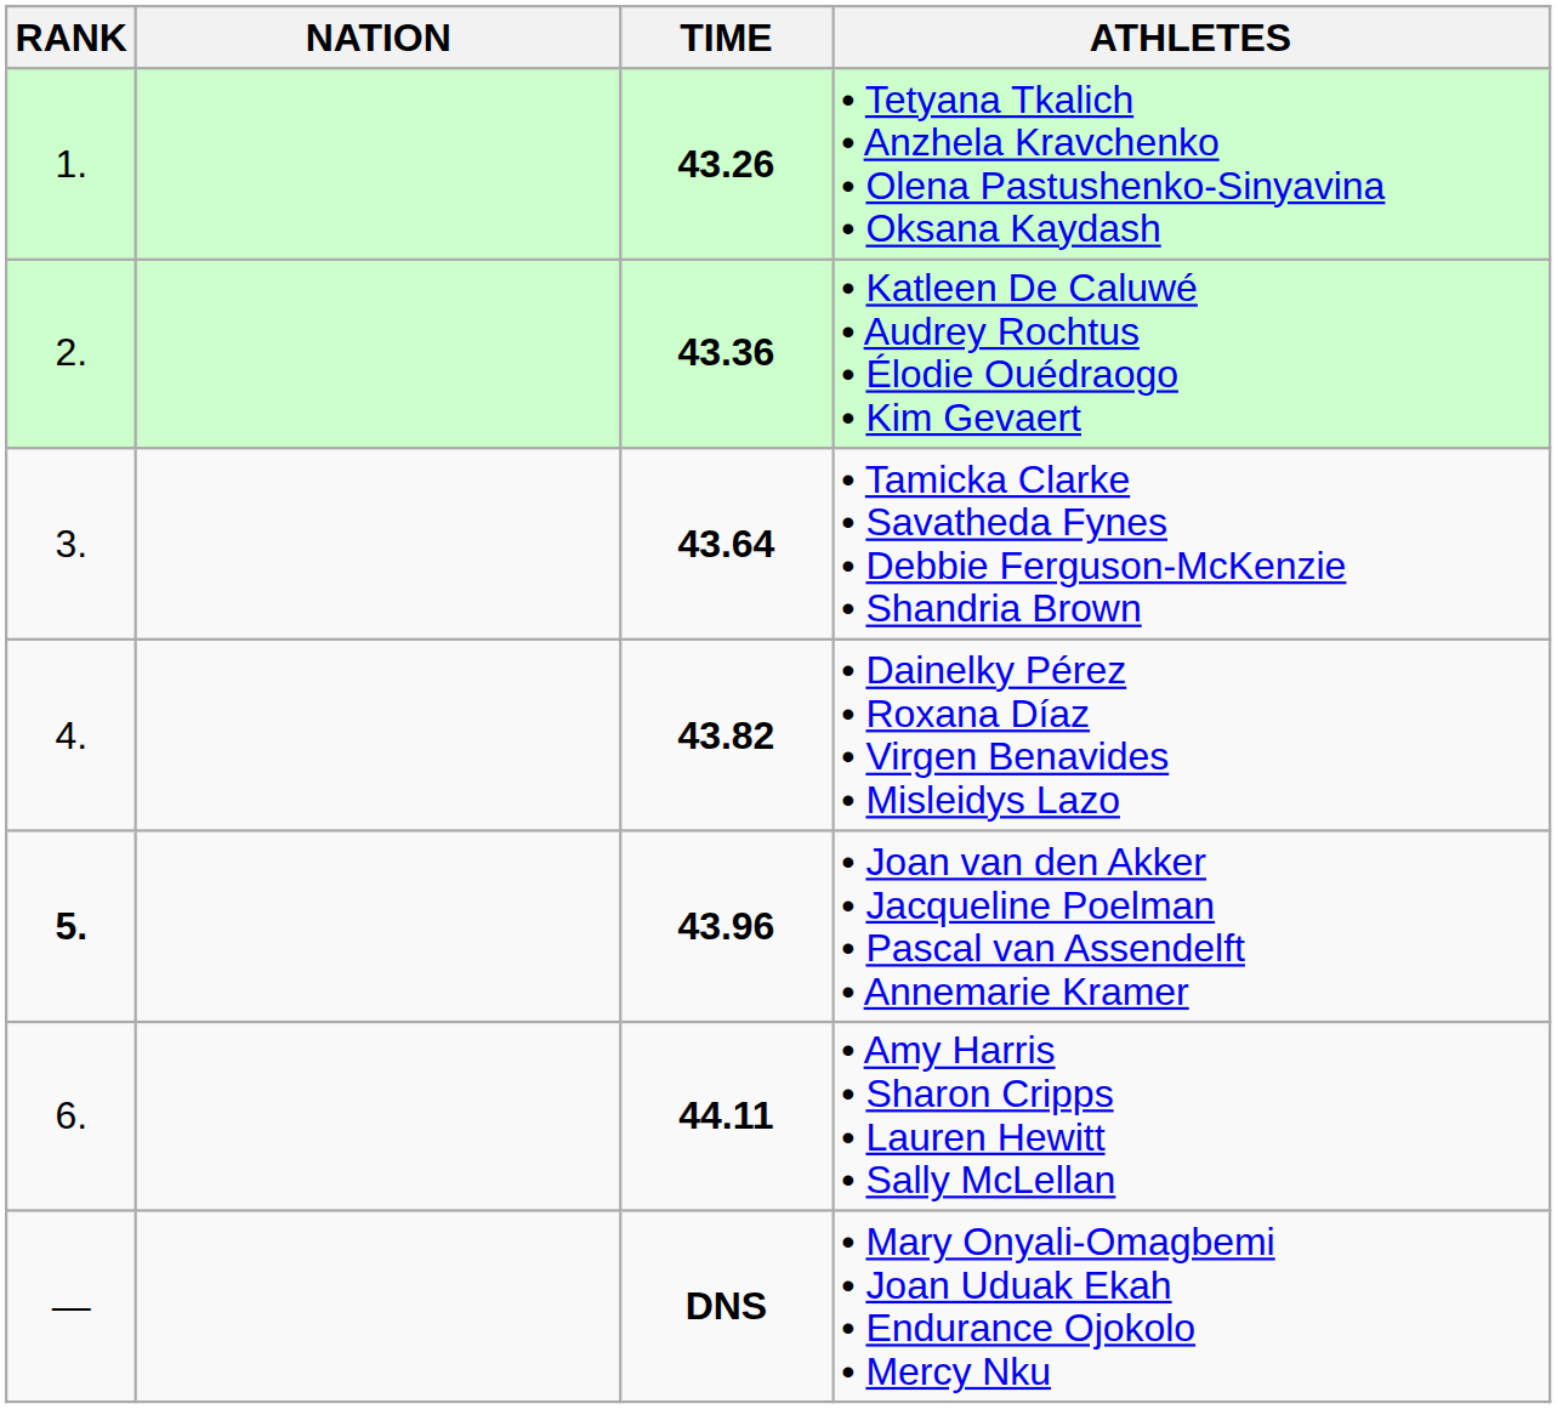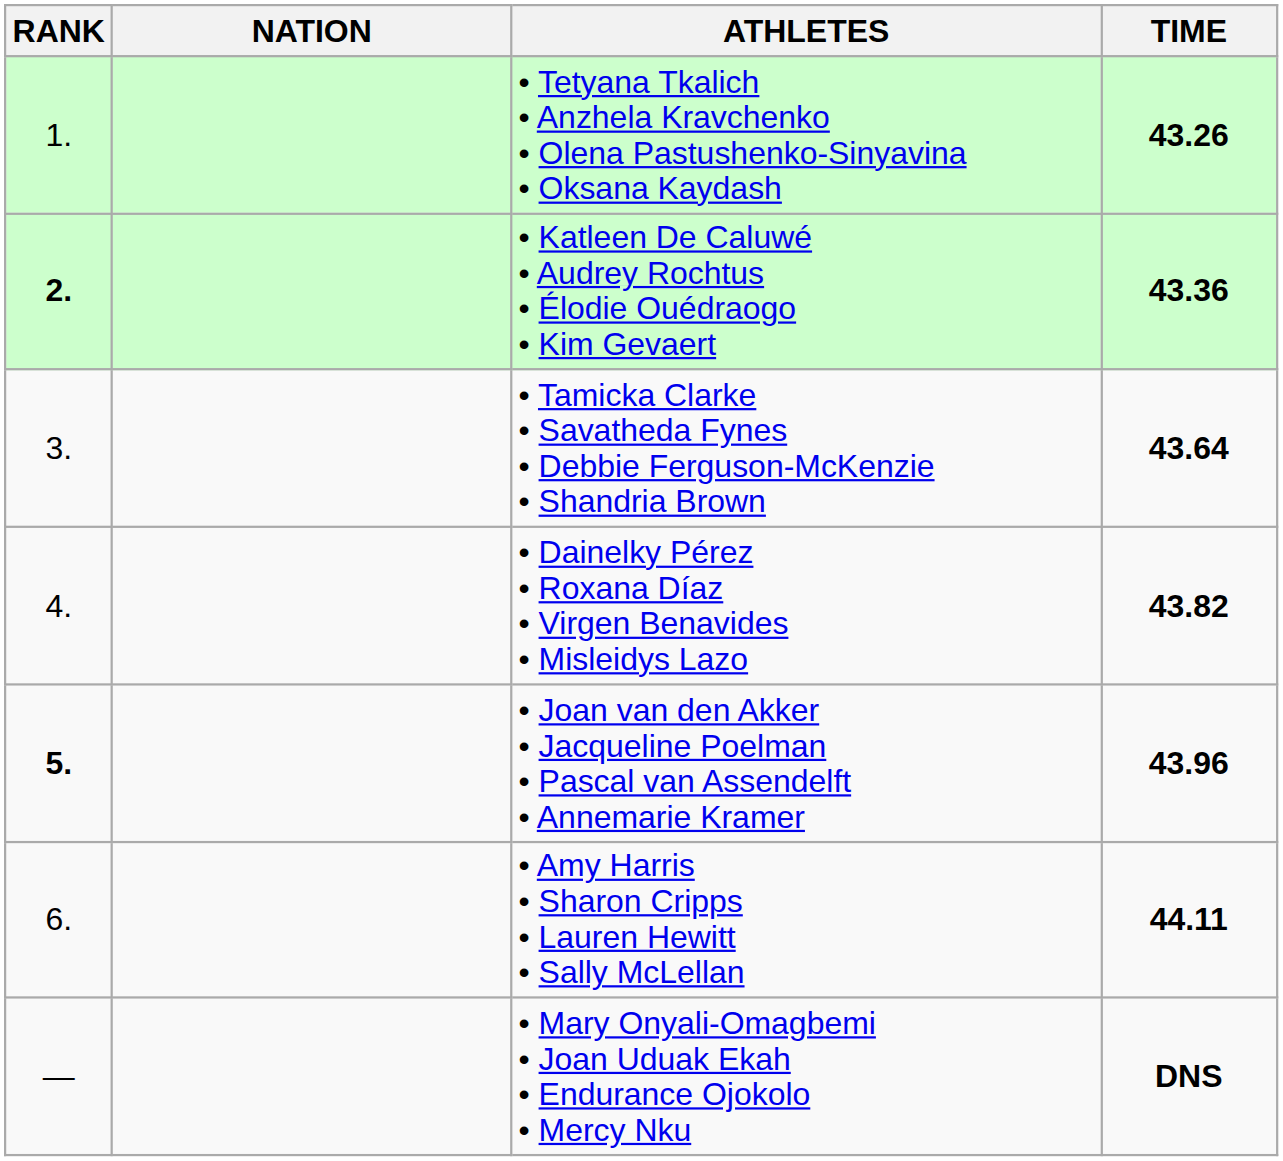 <table class="wikitable" style="border-collapse: collapse; font-size: 90%;">
 <tr>
 <th>RANK</th>
 <th style="width: 12em">NATION</th>
+<th style="width: 18em">ATHLETES</th>
 <th style="width: 5em">TIME</th>
-<th style="width: 18em">ATHLETES</th>
 </tr>
 <tr style="background:#ccffcc;">
 <td align="center">1.</td>
 <td align="center"></td>
+<td>• <a href='#'>Tetyana Tkalich</a><br>• <a href='#'>Anzhela Kravchenko</a><br>• <a href='#'>Olena Pastushenko-Sinyavina</a><br>• <a href='#'>Oksana Kaydash</a></td>
 <td align="center"><strong>43.26</strong></td>
-<td>• <a href='#'>Tetyana Tkalich</a><br>• <a href='#'>Anzhela Kravchenko</a><br>• <a href='#'>Olena Pastushenko-Sinyavina</a><br>• <a href='#'>Oksana Kaydash</a></td>
 </tr>
 <tr style="background:#ccffcc;">
-<td align="center">2.</td>
+<td align="center"><strong>2.</strong></td>
 <td align="center"></td>
+<td>• <a href='#'>Katleen De Caluwé</a><br>• <a href='#'>Audrey Rochtus</a><br>• <a href='#'>Élodie Ouédraogo</a><br>• <a href='#'>Kim Gevaert</a></td>
 <td align="center"><strong>43.36</strong></td>
-<td>• <a href='#'>Katleen De Caluwé</a><br>• <a href='#'>Audrey Rochtus</a><br>• <a href='#'>Élodie Ouédraogo</a><br>• <a href='#'>Kim Gevaert</a></td>
 </tr>
 <tr>
 <td align="center">3.</td>
 <td align="center"></td>
+<td>• <a href='#'>Tamicka Clarke</a><br>• <a href='#'>Savatheda Fynes</a><br>• <a href='#'>Debbie Ferguson-McKenzie</a><br>• <a href='#'>Shandria Brown</a></td>
 <td align="center"><strong>43.64</strong></td>
-<td>• <a href='#'>Tamicka Clarke</a><br>• <a href='#'>Savatheda Fynes</a><br>• <a href='#'>Debbie Ferguson-McKenzie</a><br>• <a href='#'>Shandria Brown</a></td>
 </tr>
 <tr>
 <td align="center">4.</td>
 <td align="center"></td>
+<td>• <a href='#'>Dainelky Pérez</a><br>• <a href='#'>Roxana Díaz</a><br>• <a href='#'>Virgen Benavides</a><br>• <a href='#'>Misleidys Lazo</a></td>
 <td align="center"><strong>43.82</strong></td>
-<td>• <a href='#'>Dainelky Pérez</a><br>• <a href='#'>Roxana Díaz</a><br>• <a href='#'>Virgen Benavides</a><br>• <a href='#'>Misleidys Lazo</a></td>
 </tr>
 <tr>
 <td align="center"><strong>5.</strong></td>
 <td align="center"></td>
+<td>• <a href='#'>Joan van den Akker</a><br>• <a href='#'>Jacqueline Poelman</a><br>• <a href='#'>Pascal van Assendelft</a><br>• <a href='#'>Annemarie Kramer</a></td>
 <td align="center"><strong>43.96</strong></td>
-<td>• <a href='#'>Joan van den Akker</a><br>• <a href='#'>Jacqueline Poelman</a><br>• <a href='#'>Pascal van Assendelft</a><br>• <a href='#'>Annemarie Kramer</a></td>
 </tr>
 <tr>
 <td align="center">6.</td>
 <td align="center"></td>
+<td>• <a href='#'>Amy Harris</a><br>• <a href='#'>Sharon Cripps</a><br>• <a href='#'>Lauren Hewitt</a><br>• <a href='#'>Sally McLellan</a></td>
 <td align="center"><strong>44.11</strong></td>
-<td>• <a href='#'>Amy Harris</a><br>• <a href='#'>Sharon Cripps</a><br>• <a href='#'>Lauren Hewitt</a><br>• <a href='#'>Sally McLellan</a></td>
 </tr>
 <tr>
 <td align="center">—</td>
 <td align="center"></td>
+<td>• <a href='#'>Mary Onyali-Omagbemi</a><br>• <a href='#'>Joan Uduak Ekah</a><br>• <a href='#'>Endurance Ojokolo</a><br>• <a href='#'>Mercy Nku</a></td>
 <td align="center"><strong>DNS</strong></td>
-<td>• <a href='#'>Mary Onyali-Omagbemi</a><br>• <a href='#'>Joan Uduak Ekah</a><br>• <a href='#'>Endurance Ojokolo</a><br>• <a href='#'>Mercy Nku</a></td>
 </tr>
 </table>
